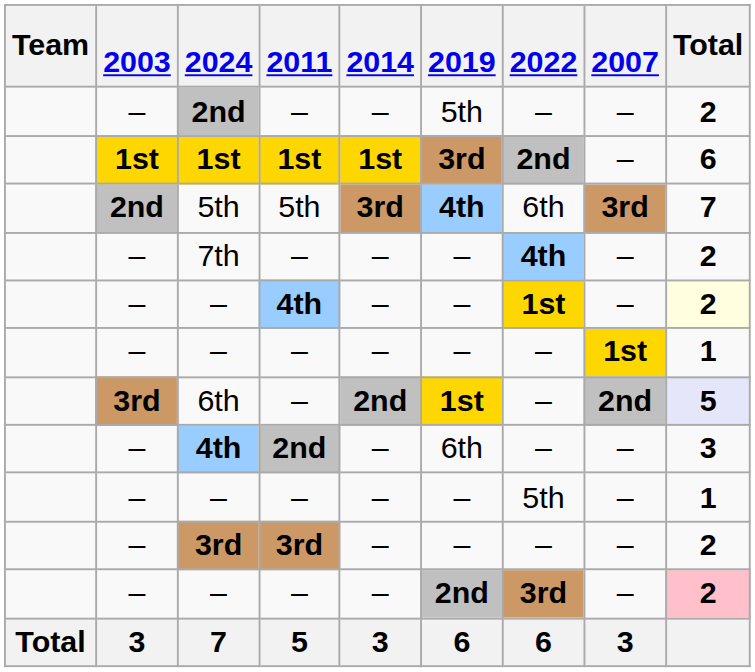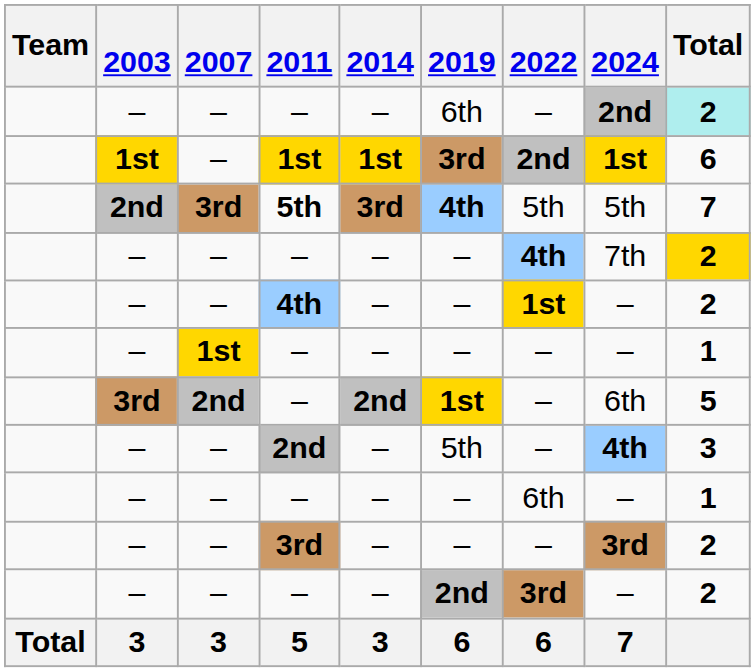 <table class="wikitable" style="text-align:center">
 <tr>
 <th>Team</th>
 <th><br><a href='#'>2003</a></th>
-<th><br><a href='#'>2024</a></th>
+<th><br><a href='#'>2007</a></th>
 <th><br><a href='#'>2011</a></th>
 <th><br><a href='#'>2014</a></th>
 <th><br><a href='#'>2019</a></th>
 <th><br><a href='#'>2022</a></th>
-<th><br><a href='#'>2007</a></th>
+<th><br><a href='#'>2024</a></th>
 <th>Total</th>
 </tr>
 <tr>
 <td align=left></td>
 <td>–</td>
-<td bgcolor=silver><strong>2nd</strong></td>
 <td>–</td>
 <td>–</td>
-<td>5th</td>
 <td>–</td>
+<td>6th</td>
 <td>–</td>
-<td><strong>2</strong></td>
+<td bgcolor=silver><strong>2nd</strong></td>
+<td style="background: paleturquoise;"><strong>2</strong></td>
 </tr>
 <tr>
 <td align=left></td>
 <td bgcolor=gold><strong>1st</strong></td>
-<td bgcolor=gold><strong>1st</strong></td>
+<td>–</td>
 <td bgcolor=gold><strong>1st</strong></td>
 <td bgcolor=gold><strong>1st</strong></td>
 <td bgcolor=cc9966><strong>3rd</strong></td>
 <td bgcolor=silver><strong>2nd</strong></td>
-<td>–</td>
+<td bgcolor=gold><strong>1st</strong></td>
 <td><strong>6</strong></td>
 </tr>
 <tr>
 <td align=left></td>
 <td bgcolor=silver><strong>2nd</strong></td>
+<td bgcolor=cc9966><strong>3rd</strong></td>
+<td><strong>5th</strong></td>
+<td bgcolor=cc9966><strong>3rd</strong></td>
+<td bgcolor=9acdff><strong>4th</strong></td>
 <td>5th</td>
 <td>5th</td>
-<td bgcolor=cc9966><strong>3rd</strong></td>
-<td bgcolor=9acdff><strong>4th</strong></td>
-<td>6th</td>
-<td bgcolor=cc9966><strong>3rd</strong></td>
 <td><strong>7</strong></td>
 </tr>
 <tr>
 <td align=left></td>
 <td>–</td>
-<td>7th</td>
+<td>–</td>
 <td>–</td>
 <td>–</td>
 <td>–</td>
 <td bgcolor=9acdff><strong>4th</strong></td>
-<td>–</td>
-<td><strong>2</strong></td>
+<td>7th</td>
+<td style="background: gold;"><strong>2</strong></td>
 </tr>
 <tr>
 <td align=left></td>
 <td>–</td>
 <td>–</td>
 <td bgcolor=9acdff><strong>4th</strong></td>
 <td>–</td>
 <td>–</td>
 <td bgcolor=gold><strong>1st</strong></td>
 <td>–</td>
-<td style="background: lightyellow;"><strong>2</strong></td>
+<td><strong>2</strong></td>
+</tr>
+<tr>
+<td align=left></td>
+<td>–</td>
+<td bgcolor=gold><strong>1st</strong></td>
+<td>–</td>
+<td>–</td>
+<td>–</td>
+<td>–</td>
+<td>–</td>
+<td><strong>1</strong></td>
+</tr>
+<tr>
+<td align=left></td>
+<td bgcolor=cc9966><strong>3rd</strong></td>
+<td bgcolor=silver><strong>2nd</strong></td>
+<td>–</td>
+<td bgcolor=silver><strong>2nd</strong></td>
+<td bgcolor=gold><strong>1st</strong></td>
+<td>–</td>
+<td>6th</td>
+<td><strong>5</strong></td>
 </tr>
 <tr>
 <td align=left></td>
 <td>–</td>
 <td>–</td>
+<td bgcolor=silver><strong>2nd</strong></td>
 <td>–</td>
-<td>–</td>
-<td>–</td>
-<td>–</td>
-<td bgcolor=gold><strong>1st</strong></td>
-<td><strong>1</strong></td>
-</tr>
-<tr>
-<td align=left></td>
-<td bgcolor=cc9966><strong>3rd</strong></td>
-<td>6th</td>
-<td>–</td>
-<td bgcolor=silver><strong>2nd</strong></td>
-<td bgcolor=gold><strong>1st</strong></td>
-<td>–</td>
-<td bgcolor=silver><strong>2nd</strong></td>
-<td style="background: lavender;"><strong>5</strong></td>
-</tr>
-<tr>
-<td align=left></td>
+<td>5th</td>
 <td>–</td>
 <td bgcolor=9acdff><strong>4th</strong></td>
-<td bgcolor=silver><strong>2nd</strong></td>
-<td>–</td>
-<td>6th</td>
-<td>–</td>
-<td>–</td>
 <td><strong>3</strong></td>
 </tr>
 <tr>
 <td align=left></td>
 <td>–</td>
 <td>–</td>
 <td>–</td>
 <td>–</td>
 <td>–</td>
-<td>5th</td>
+<td>6th</td>
 <td>–</td>
 <td><strong>1</strong></td>
 </tr>
 <tr>
 <td align=left></td>
 <td>–</td>
-<td bgcolor=cc9966><strong>3rd</strong></td>
+<td>–</td>
 <td bgcolor=cc9966><strong>3rd</strong></td>
 <td>–</td>
 <td>–</td>
 <td>–</td>
-<td>–</td>
+<td bgcolor=cc9966><strong>3rd</strong></td>
 <td><strong>2</strong></td>
 </tr>
 <tr>
 <td align=left></td>
 <td>–</td>
 <td>–</td>
 <td>–</td>
 <td>–</td>
 <td bgcolor=silver><strong>2nd</strong></td>
 <td bgcolor=cc9966><strong>3rd</strong></td>
 <td>–</td>
-<td style="background: pink;"><strong>2</strong></td>
+<td><strong>2</strong></td>
 </tr>
 <tr>
 <th>Total</th>
 <th>3</th>
-<th>7</th>
+<th>3</th>
 <th>5</th>
 <th>3</th>
 <th>6</th>
 <th>6</th>
-<th>3</th>
+<th>7</th>
 <th></th>
 </tr>
 </table>
